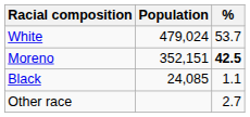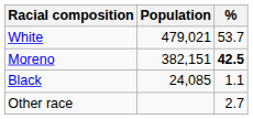 <table class="wikitable">
 <tr>
 <th>Racial composition</th>
 <th>Population</th>
 <th>%</th>
 </tr>
 <tr>
 <td><a href='#'>White</a></td>
-<td style="text-align:right;">479,024</td>
+<td style="text-align:right;">479,021</td>
 <td style="text-align:right;">53.7</td>
 </tr>
 <tr>
 <td><a href='#'>Moreno</a></td>
-<td style="text-align:right;">352,151</td>
+<td style="text-align:right;">382,151</td>
 <td style="text-align:right;"><strong>42.5</strong></td>
 </tr>
 <tr>
 <td><a href='#'>Black</a></td>
 <td style="text-align:right;">24,085</td>
 <td style="text-align:right;">1.1</td>
 </tr>
 <tr>
 <td>Other race</td>
 <td></td>
 <td style="text-align:right;">2.7</td>
 </tr>
 </table>
